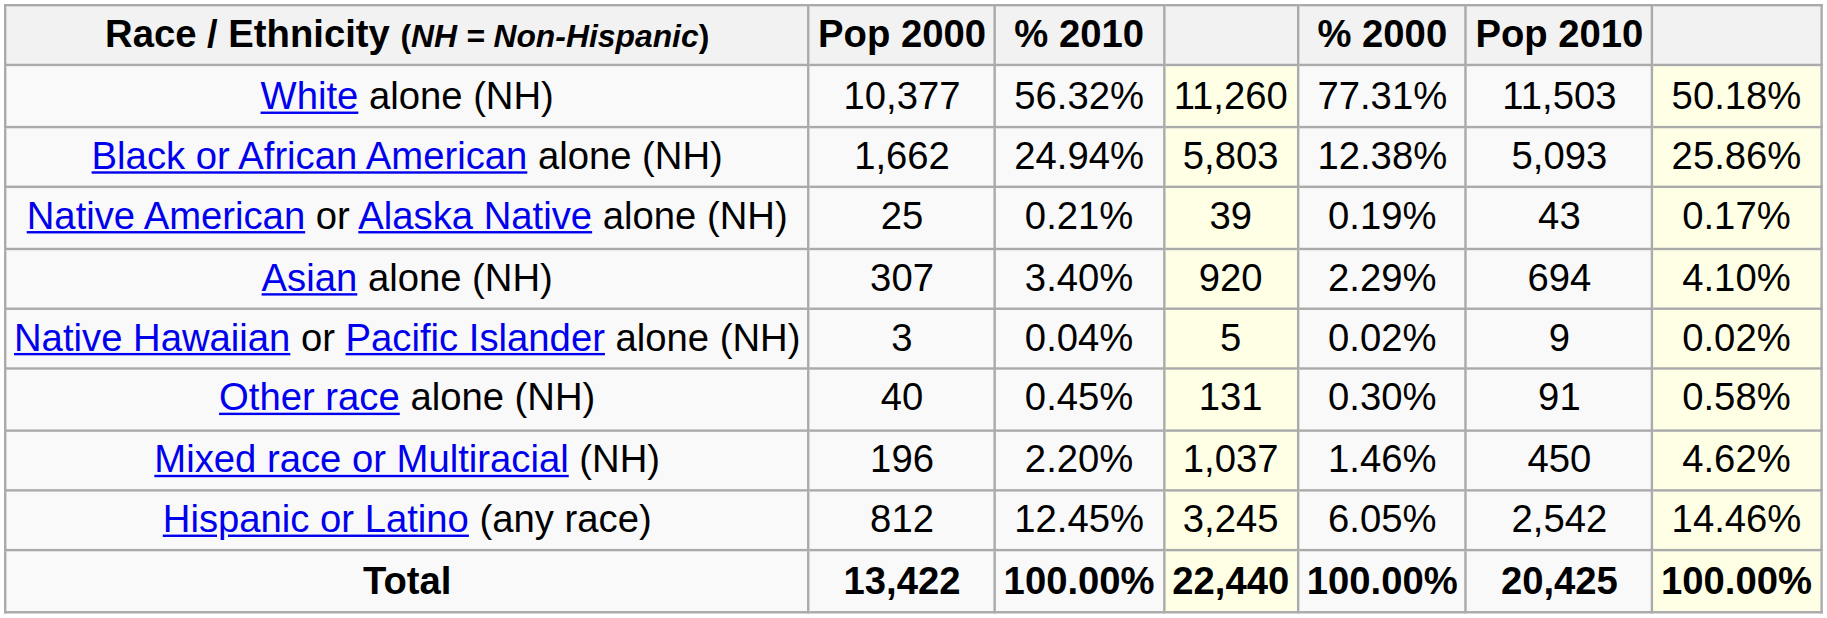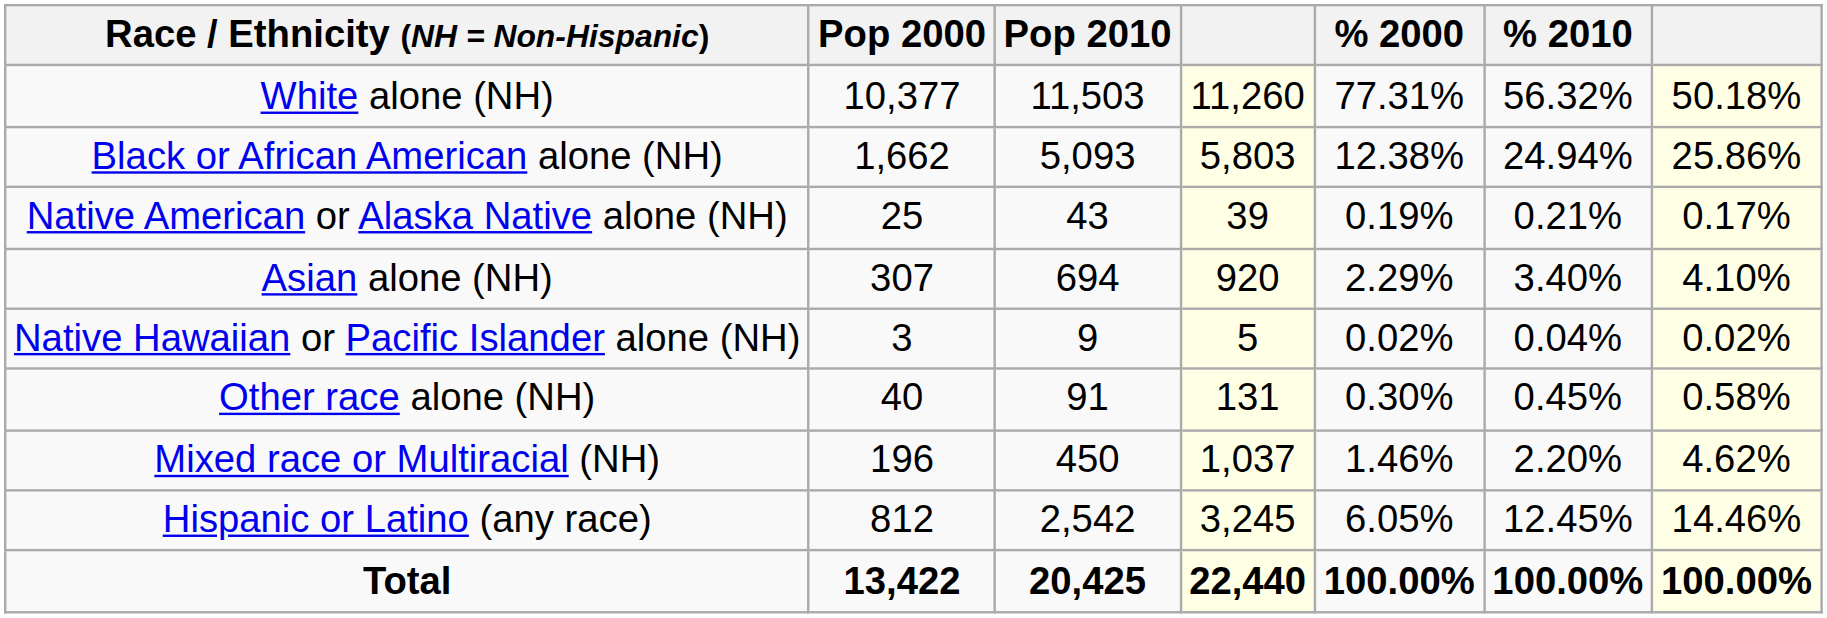 <table class="wikitable" style="text-align:center;">
 <tr>
 <th>Race / Ethnicity <small>(<em>NH = Non-Hispanic</em>)</small></th>
 <th>Pop 2000</th>
-<th>% 2010</th>
+<th>Pop 2010</th>
 <th></th>
 <th>% 2000</th>
-<th>Pop 2010</th>
+<th>% 2010</th>
 <th></th>
 </tr>
 <tr>
 <td><a href='#'>White</a> alone (NH)</td>
 <td>10,377</td>
-<td>56.32%</td>
+<td>11,503</td>
 <td style='background: #ffffe6;'>11,260</td>
 <td>77.31%</td>
-<td>11,503</td>
+<td>56.32%</td>
 <td style='background: #ffffe6;'>50.18%</td>
 </tr>
 <tr>
 <td><a href='#'>Black or African American</a> alone (NH)</td>
 <td>1,662</td>
-<td>24.94%</td>
+<td>5,093</td>
 <td style='background: #ffffe6;'>5,803</td>
 <td>12.38%</td>
-<td>5,093</td>
+<td>24.94%</td>
 <td style='background: #ffffe6;'>25.86%</td>
 </tr>
 <tr>
 <td><a href='#'>Native American</a> or <a href='#'>Alaska Native</a> alone (NH)</td>
 <td>25</td>
-<td>0.21%</td>
+<td>43</td>
 <td style='background: #ffffe6;'>39</td>
 <td>0.19%</td>
-<td>43</td>
+<td>0.21%</td>
 <td style='background: #ffffe6;'>0.17%</td>
 </tr>
 <tr>
 <td><a href='#'>Asian</a> alone (NH)</td>
 <td>307</td>
-<td>3.40%</td>
+<td>694</td>
 <td style='background: #ffffe6;'>920</td>
 <td>2.29%</td>
-<td>694</td>
+<td>3.40%</td>
 <td style='background: #ffffe6;'>4.10%</td>
 </tr>
 <tr>
 <td><a href='#'>Native Hawaiian</a> or <a href='#'>Pacific Islander</a> alone (NH)</td>
 <td>3</td>
-<td>0.04%</td>
+<td>9</td>
 <td style='background: #ffffe6;'>5</td>
 <td>0.02%</td>
-<td>9</td>
+<td>0.04%</td>
 <td style='background: #ffffe6;'>0.02%</td>
 </tr>
 <tr>
 <td><a href='#'>Other race</a> alone (NH)</td>
 <td>40</td>
-<td>0.45%</td>
+<td>91</td>
 <td style='background: #ffffe6;'>131</td>
 <td>0.30%</td>
-<td>91</td>
+<td>0.45%</td>
 <td style='background: #ffffe6;'>0.58%</td>
 </tr>
 <tr>
 <td><a href='#'>Mixed race or Multiracial</a> (NH)</td>
 <td>196</td>
-<td>2.20%</td>
+<td>450</td>
 <td style='background: #ffffe6;'>1,037</td>
 <td>1.46%</td>
-<td>450</td>
+<td>2.20%</td>
 <td style='background: #ffffe6;'>4.62%</td>
 </tr>
 <tr>
 <td><a href='#'>Hispanic or Latino</a> (any race)</td>
 <td>812</td>
-<td>12.45%</td>
+<td>2,542</td>
 <td style='background: #ffffe6;'>3,245</td>
 <td>6.05%</td>
-<td>2,542</td>
+<td>12.45%</td>
 <td style='background: #ffffe6;'>14.46%</td>
 </tr>
 <tr>
 <td><strong>Total</strong></td>
 <td><strong>13,422</strong></td>
-<td><strong>100.00%</strong></td>
+<td><strong>20,425</strong></td>
 <td style='background: #ffffe6;'><strong>22,440</strong></td>
 <td><strong>100.00%</strong></td>
-<td><strong>20,425</strong></td>
+<td><strong>100.00%</strong></td>
 <td style='background: #ffffe6;'><strong>100.00%</strong></td>
 </tr>
 </table>
